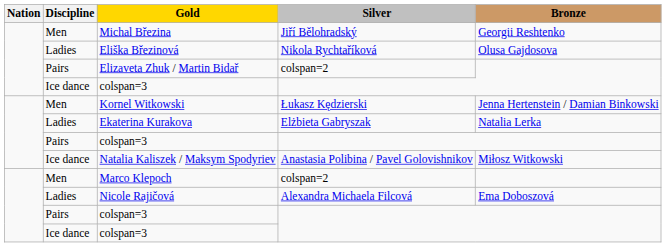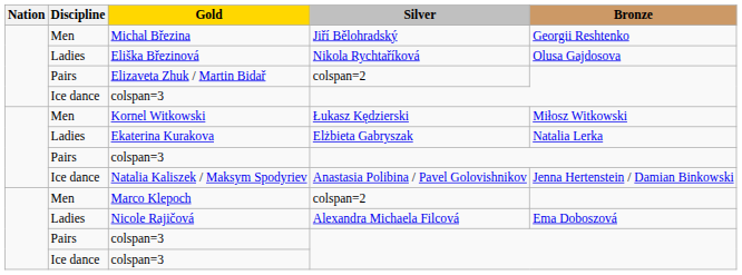 <table class="wikitable">
 <tr>
 <th>Nation</th>
 <th>Discipline</th>
 <td align=center bgcolor=gold><strong>Gold</strong></td>
 <td align=center bgcolor=silver><strong>Silver</strong></td>
 <td align=center bgcolor=cc9966><strong>Bronze</strong></td>
 </tr>
 <tr>
 <td rowspan=4><strong></strong></td>
 <td>Men</td>
 <td><a href='#'>Michal Březina</a></td>
 <td><a href='#'>Jiří Bělohradský</a></td>
 <td><a href='#'>Georgii Reshtenko</a></td>
 </tr>
 <tr>
 <td>Ladies</td>
 <td><a href='#'>Eliška Březinová</a></td>
 <td><a href='#'>Nikola Rychtaříková</a></td>
 <td><a href='#'>Olusa Gajdosova</a></td>
 </tr>
 <tr>
 <td>Pairs</td>
 <td><a href='#'>Elizaveta Zhuk</a> / <a href='#'>Martin Bidař</a></td>
 <td>colspan=2 </td>
 </tr>
 <tr>
 <td>Ice dance</td>
 <td>colspan=3 </td>
 </tr>
 <tr>
 <td rowspan=4><strong></strong></td>
 <td>Men</td>
 <td><a href='#'>Kornel Witkowski</a></td>
 <td><a href='#'>Łukasz Kędzierski</a></td>
-<td><a href='#'>Jenna Hertenstein</a> / <a href='#'>Damian Binkowski</a></td>
+<td><a href='#'>Miłosz Witkowski</a></td>
 </tr>
 <tr>
 <td>Ladies</td>
 <td><a href='#'>Ekaterina Kurakova</a></td>
 <td><a href='#'>Elżbieta Gabryszak</a></td>
 <td><a href='#'>Natalia Lerka</a></td>
 </tr>
 <tr>
 <td>Pairs</td>
 <td>colspan=3 </td>
 </tr>
 <tr>
 <td>Ice dance</td>
 <td><a href='#'>Natalia Kaliszek</a> / <a href='#'>Maksym Spodyriev</a></td>
 <td><a href='#'>Anastasia Polibina</a> / <a href='#'>Pavel Golovishnikov</a></td>
-<td><a href='#'>Miłosz Witkowski</a></td>
+<td><a href='#'>Jenna Hertenstein</a> / <a href='#'>Damian Binkowski</a></td>
 </tr>
 <tr>
 <td rowspan=4><strong></strong></td>
 <td>Men</td>
 <td><a href='#'>Marco Klepoch</a></td>
 <td>colspan=2 </td>
 </tr>
 <tr>
 <td>Ladies</td>
 <td><a href='#'>Nicole Rajičová</a></td>
 <td><a href='#'>Alexandra Michaela Filcová</a></td>
 <td><a href='#'>Ema Doboszová</a></td>
 </tr>
 <tr>
 <td>Pairs</td>
 <td>colspan=3 </td>
 </tr>
 <tr>
 <td>Ice dance</td>
 <td>colspan=3 </td>
 </tr>
 </table>
